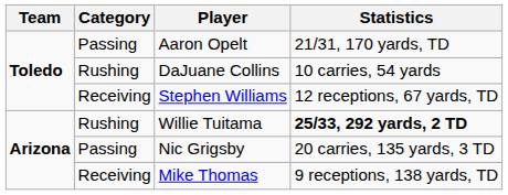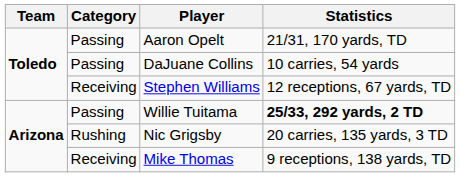 <table class="wikitable" style="float: right;">
 <tr>
 <th>Team</th>
 <th>Category</th>
 <th>Player</th>
 <th>Statistics</th>
 </tr>
 <tr>
 <td rowspan=3><strong>Toledo</strong></td>
 <td>Passing</td>
 <td>Aaron Opelt</td>
 <td>21/31, 170 yards, TD</td>
 </tr>
 <tr>
-<td>Rushing</td>
+<td>Passing</td>
 <td>DaJuane Collins</td>
 <td>10 carries, 54 yards</td>
 </tr>
 <tr>
 <td>Receiving</td>
 <td><a href='#'>Stephen Williams</a></td>
 <td>12 receptions, 67 yards, TD</td>
 </tr>
 <tr>
 <td rowspan=3><strong>Arizona</strong></td>
-<td>Rushing</td>
+<td>Passing</td>
 <td>Willie Tuitama</td>
 <td><strong>25/33, 292 yards, 2 TD</strong></td>
 </tr>
 <tr>
-<td>Passing</td>
+<td>Rushing</td>
 <td>Nic Grigsby</td>
 <td>20 carries, 135 yards, 3 TD</td>
 </tr>
 <tr>
 <td>Receiving</td>
 <td><a href='#'>Mike Thomas</a></td>
 <td>9 receptions, 138 yards, TD</td>
 </tr>
 </table>
